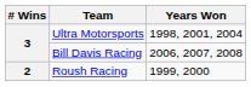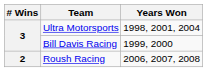 <table class="wikitable" style="font-size: 95%;">
 <tr>
 <th># Wins</th>
 <th>Team</th>
 <th>Years Won</th>
 </tr>
 <tr>
 <th rowspan=2>3</th>
 <td><a href='#'>Ultra Motorsports</a></td>
 <td>1998, 2001, 2004</td>
 </tr>
 <tr>
 <td><a href='#'>Bill Davis Racing</a></td>
-<td>2006, 2007, 2008</td>
+<td>1999, 2000</td>
 </tr>
 <tr>
 <th>2</th>
 <td><a href='#'>Roush Racing</a></td>
-<td>1999, 2000</td>
+<td>2006, 2007, 2008</td>
 </tr>
 </table>
